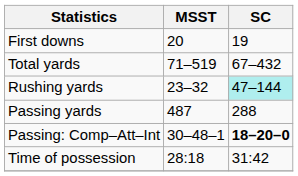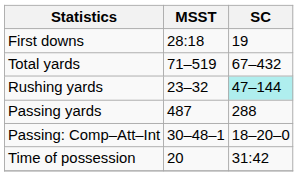 <table class="wikitable" style="float: left;">
 <tr>
 <th>Statistics</th>
 <th>MSST</th>
 <th>SC</th>
 </tr>
 <tr>
 <td>First downs</td>
-<td>20</td>
+<td>28:18</td>
 <td>19</td>
 </tr>
 <tr>
 <td>Total yards</td>
 <td>71–519</td>
 <td>67–432</td>
 </tr>
 <tr>
 <td>Rushing yards</td>
 <td>23–32</td>
 <td style="background: paleturquoise;">47–144</td>
 </tr>
 <tr>
 <td>Passing yards</td>
 <td>487</td>
 <td>288</td>
 </tr>
 <tr>
 <td>Passing: Comp–Att–Int</td>
 <td>30–48–1</td>
-<td><strong>18–20–0</strong></td>
+<td>18–20–0</td>
 </tr>
 <tr>
 <td>Time of possession</td>
-<td>28:18</td>
+<td>20</td>
 <td>31:42</td>
 </tr>
 <tr>
 </tr>
 </table>
